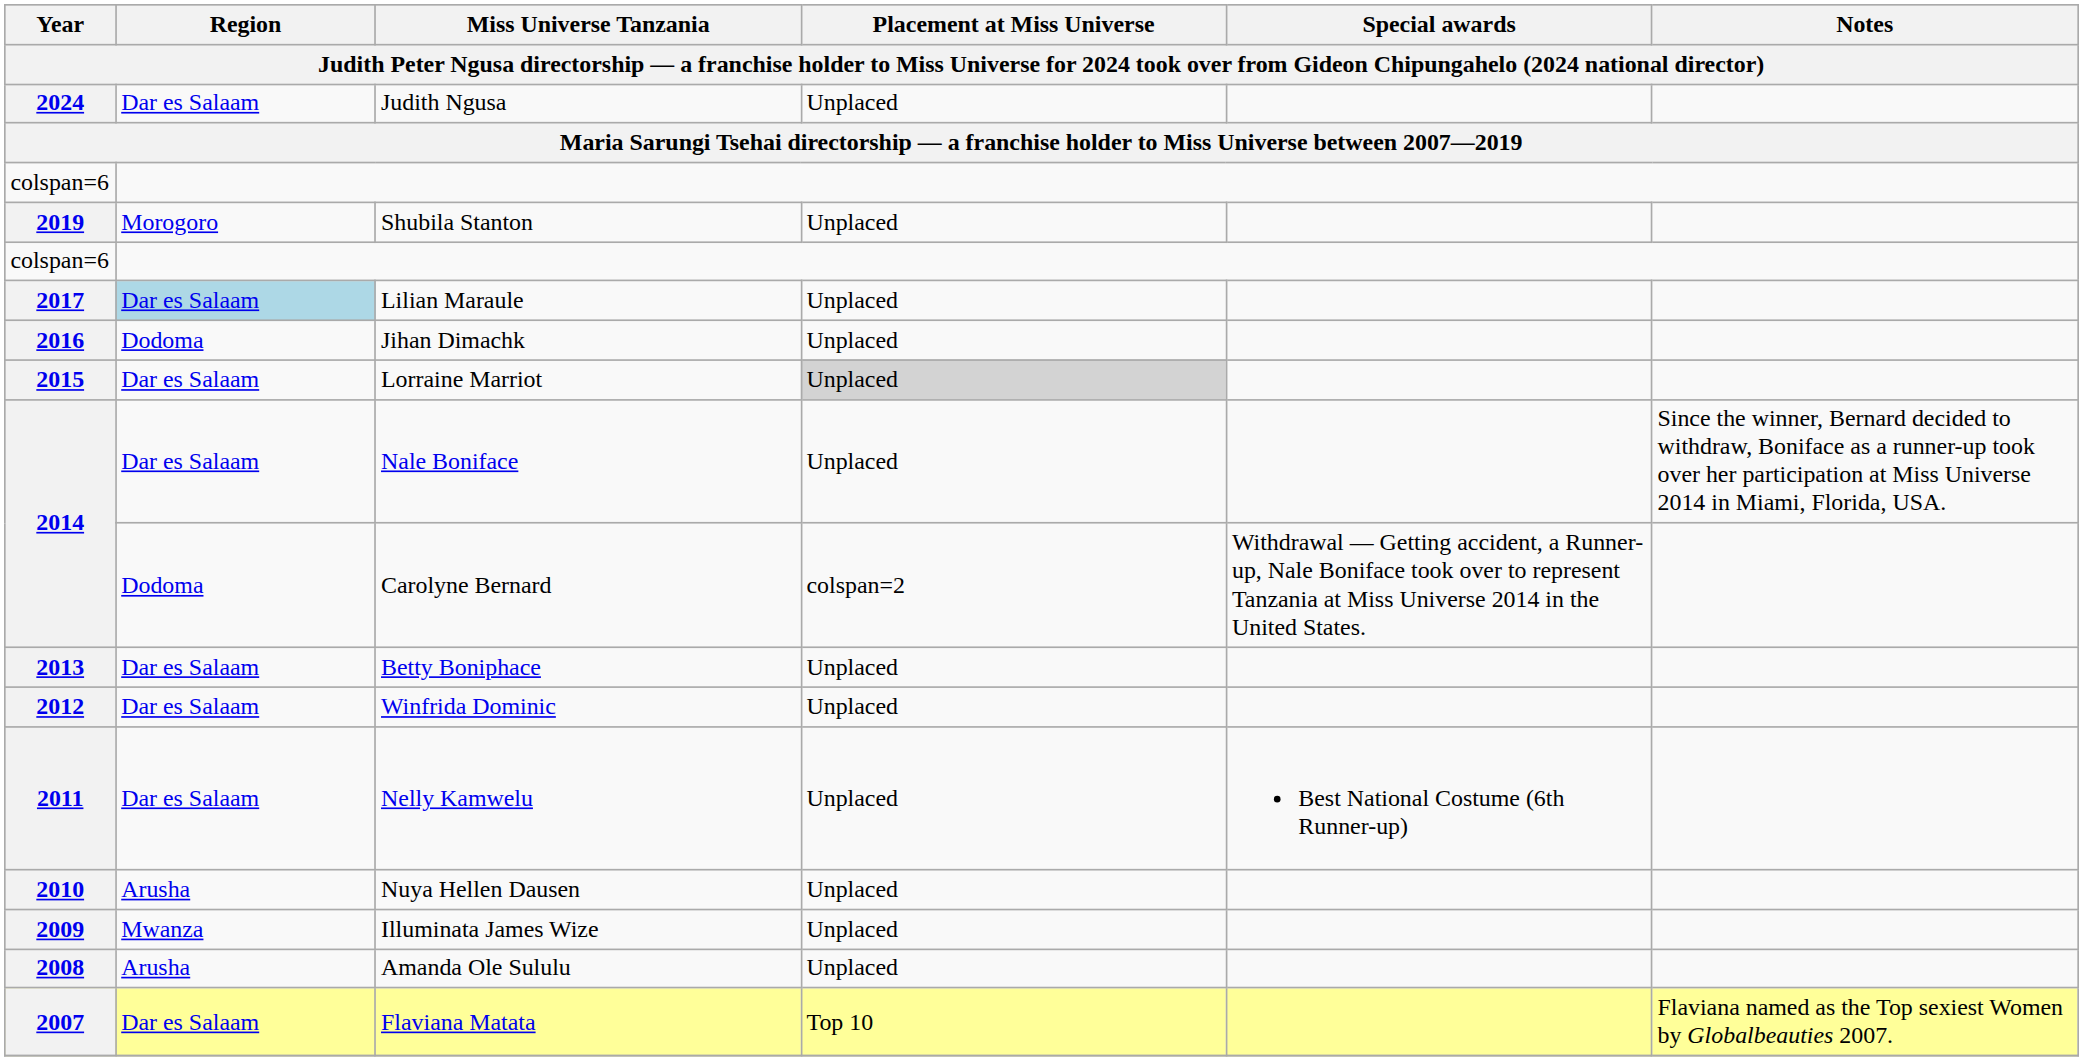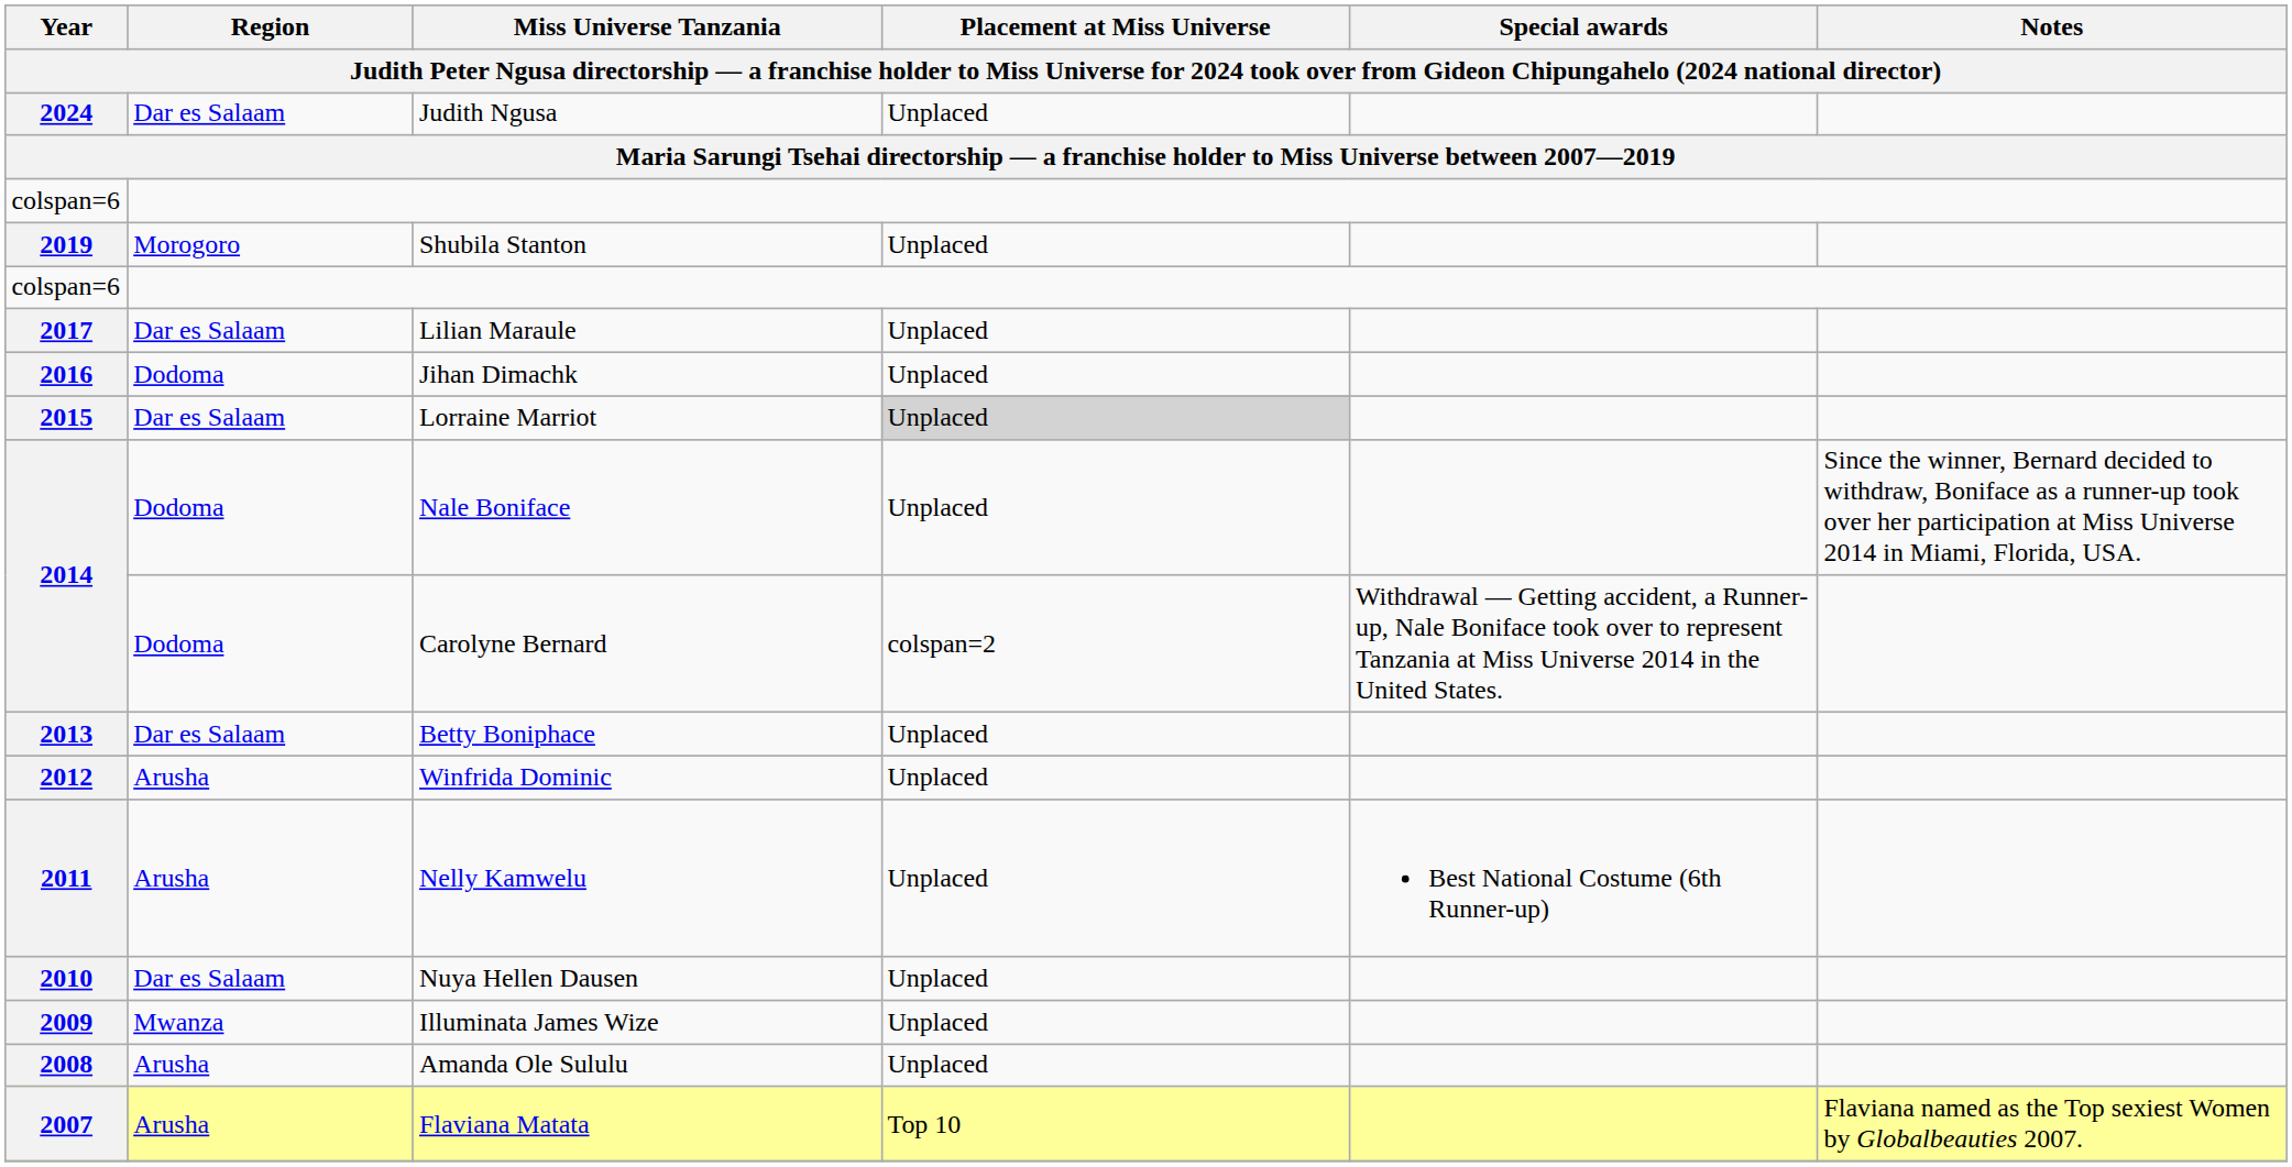 <table class="wikitable " style="font-size: 90%;">
 <tr>
 <th width="60">Year</th>
 <th width="150">Region</th>
 <th width="250">Miss Universe Tanzania</th>
 <th width="250">Placement at Miss Universe</th>
 <th width="250">Special awards</th>
 <th width="250">Notes</th>
 </tr>
 <tr>
 <th colspan="6">Judith Peter Ngusa directorship — a franchise holder to Miss Universe for 2024 took over from Gideon Chipungahelo (2024 national director)</th>
 </tr>
 <tr>
 <th><a href='#'>2024</a></th>
 <td><a href='#'>Dar es Salaam</a></td>
 <td>Judith Ngusa</td>
 <td>Unplaced</td>
 <td></td>
 <td></td>
 </tr>
 <tr>
 <th colspan="6">Maria Sarungi Tsehai directorship — a franchise holder to Miss Universe between 2007―2019</th>
 </tr>
 <tr>
 <td>colspan=6 </td>
 </tr>
 <tr>
 <th><a href='#'>2019</a></th>
 <td><a href='#'>Morogoro</a></td>
 <td>Shubila Stanton</td>
 <td>Unplaced</td>
 <td></td>
 <td></td>
 </tr>
 <tr>
 <td>colspan=6 </td>
 </tr>
 <tr>
 <th><a href='#'>2017</a></th>
-<td style="background: lightblue;"><a href='#'>Dar es Salaam</a></td>
+<td><a href='#'>Dar es Salaam</a></td>
 <td>Lilian Maraule</td>
 <td>Unplaced</td>
 <td></td>
 <td></td>
 </tr>
 <tr>
 <th><a href='#'>2016</a></th>
 <td><a href='#'>Dodoma</a></td>
 <td>Jihan Dimachk</td>
 <td>Unplaced</td>
 <td></td>
 <td></td>
 </tr>
 <tr>
 <th><a href='#'>2015</a></th>
 <td><a href='#'>Dar es Salaam</a></td>
 <td>Lorraine Marriot</td>
 <td style="background: lightgrey;">Unplaced</td>
 <td></td>
 <td></td>
 </tr>
 <tr>
 <th rowspan="2"><a href='#'>2014</a></th>
-<td><a href='#'>Dar es Salaam</a></td>
+<td><a href='#'>Dodoma</a></td>
 <td><a href='#'>Nale Boniface</a></td>
 <td>Unplaced</td>
 <td></td>
 <td>Since the winner, Bernard decided to withdraw, Boniface as a runner-up took over her participation at Miss Universe 2014 in Miami, Florida, USA.</td>
 </tr>
 <tr>
 <td><a href='#'>Dodoma</a></td>
 <td>Carolyne Bernard</td>
 <td>colspan=2 </td>
 <td>Withdrawal — Getting accident, a Runner-up, Nale Boniface took over to represent Tanzania at Miss Universe 2014 in the United States.</td>
 </tr>
 <tr>
 <th><a href='#'>2013</a></th>
 <td><a href='#'>Dar es Salaam</a></td>
 <td><a href='#'>Betty Boniphace</a></td>
 <td>Unplaced</td>
 <td></td>
 <td></td>
 </tr>
 <tr>
 <th><a href='#'>2012</a></th>
-<td><a href='#'>Dar es Salaam</a></td>
+<td><a href='#'>Arusha</a></td>
 <td><a href='#'>Winfrida Dominic</a></td>
 <td>Unplaced</td>
 <td></td>
 <td></td>
 </tr>
 <tr>
 <th><a href='#'>2011</a></th>
-<td><a href='#'>Dar es Salaam</a></td>
+<td><a href='#'>Arusha</a></td>
 <td><a href='#'>Nelly Kamwelu</a></td>
 <td>Unplaced</td>
 <td align="left"><br><ul><li>Best National Costume (6th Runner-up)</li></ul></td>
 <td></td>
 </tr>
 <tr>
 <th><a href='#'>2010</a></th>
-<td><a href='#'>Arusha</a></td>
+<td><a href='#'>Dar es Salaam</a></td>
 <td>Nuya Hellen Dausen</td>
 <td>Unplaced</td>
 <td></td>
 <td></td>
 </tr>
 <tr>
 <th><a href='#'>2009</a></th>
 <td><a href='#'>Mwanza</a></td>
 <td>Illuminata James Wize</td>
 <td>Unplaced</td>
 <td></td>
 <td></td>
 </tr>
 <tr>
 <th><a href='#'>2008</a></th>
 <td><a href='#'>Arusha</a></td>
 <td>Amanda Ole Sululu</td>
 <td>Unplaced</td>
 <td></td>
 <td></td>
 </tr>
 <tr style="background-color:#FFFF99;">
 <th><a href='#'>2007</a></th>
-<td><a href='#'>Dar es Salaam</a></td>
+<td><a href='#'>Arusha</a></td>
 <td><a href='#'>Flaviana Matata</a></td>
 <td>Top 10</td>
 <td></td>
 <td>Flaviana named as the Top sexiest Women by <em>Globalbeauties</em> 2007.</td>
 </tr>
 <tr>
 </tr>
 </table>
